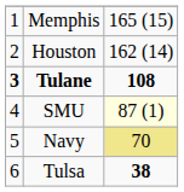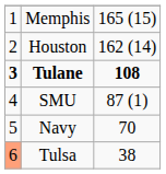 <table class="wikitable" style="display: inline-table;">
 <tr align="center">
 </tr>
 <tr align="center">
 <td>1</td>
 <td>Memphis</td>
 <td>165 (15)</td>
 </tr>
 <tr align="center">
 <td>2</td>
 <td>Houston</td>
 <td>162 (14)</td>
 </tr>
 <tr align="center">
 <td><strong>3</strong></td>
 <td><strong>Tulane</strong></td>
 <td><strong>108</strong></td>
 </tr>
 <tr align="center">
 <td>4</td>
 <td>SMU</td>
-<td style="background: lightyellow;">87 (1)</td>
+<td>87 (1)</td>
 </tr>
 <tr align="center">
 <td>5</td>
 <td>Navy</td>
-<td style="background: khaki;">70</td>
+<td>70</td>
 </tr>
 <tr align="center">
-<td>6</td>
+<td style="background: lightsalmon;">6</td>
 <td>Tulsa</td>
-<td><strong>38</strong></td>
+<td>38</td>
 </tr>
 </table>
